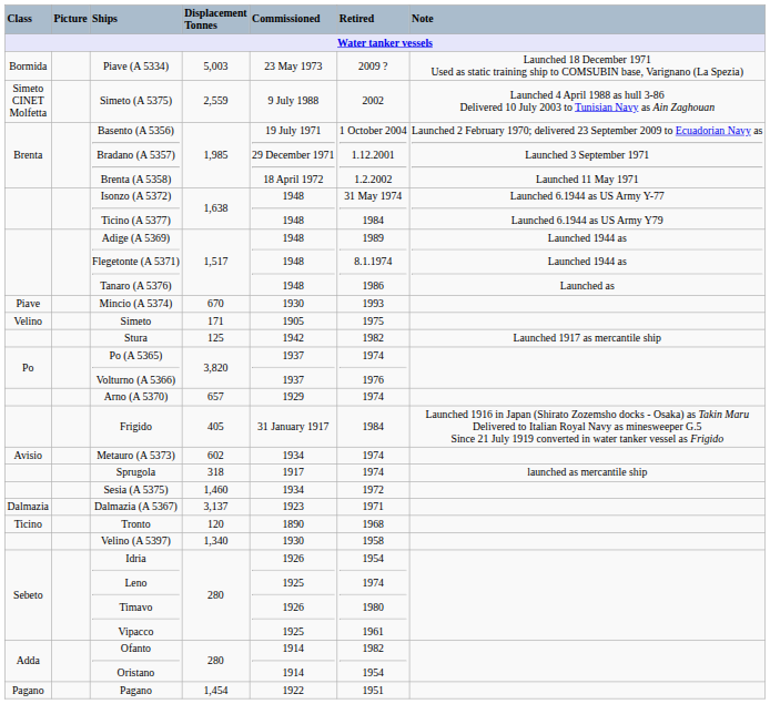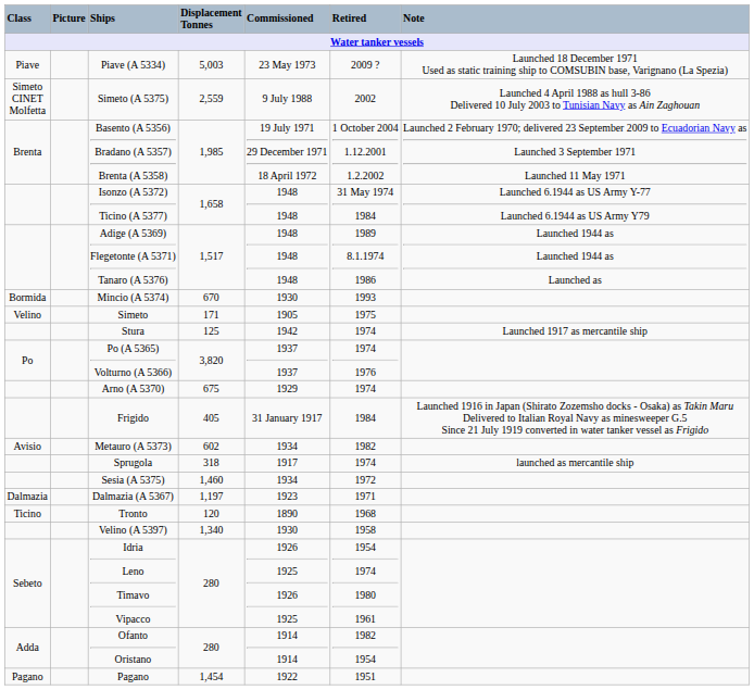 <table class="wikitable" style="text-align:center;">
 <tr>
 <th style="text-align: left; background: #aabccc;">Class</th>
 <th style="text-align: left; background: #aabccc;">Picture</th>
 <th style="text-align: left; background: #aabccc;">Ships</th>
 <th style="text-align: left; background: #aabccc;">Displacement<br>Tonnes</th>
 <th style="text-align: left; background: #aabccc;">Commissioned</th>
 <th style="text-align: left; background: #aabccc;">Retired</th>
 <th style="text-align: left; background: #aabccc;">Note</th>
 </tr>
 <tr>
 <th style="align: center; background: lavender;" colspan="9"><strong><a href='#'>Water tanker vessels</a></strong></th>
 </tr>
 <tr>
-<td>Bormida<br></td>
+<td>Piave<br></td>
 <td></td>
 <td>Piave (A 5334) </td>
 <td>5,003</td>
 <td>23 May 1973</td>
 <td>2009 ?</td>
 <td>Launched 18 December 1971<br>Used as static training ship to COMSUBIN base, Varignano (La Spezia) </td>
 </tr>
 <tr>
 <td>Simeto<br>CINET<br>Molfetta<br></td>
 <td></td>
 <td>Simeto (A 5375) </td>
 <td>2,559</td>
 <td>9 July 1988</td>
 <td>2002</td>
 <td>Launched 4 April 1988 as hull 3-86<br>Delivered 10 July 2003 to <a href='#'>Tunisian Navy</a> as <em>Ain Zaghouan</em></td>
 </tr>
 <tr>
 <td>Brenta <br></td>
 <td></td>
 <td>Basento (A 5356) <hr>Bradano (A 5357) <hr>Brenta (A 5358) </td>
 <td>1,985</td>
 <td>19 July 1971<hr>29 December 1971<hr>18 April 1972</td>
 <td>1 October 2004<hr>1.12.2001<hr>1.2.2002</td>
 <td>Launched 2 February 1970; delivered 23 September 2009 to <a href='#'>Ecuadorian Navy</a> as <hr>Launched 3 September 1971<hr>Launched 11 May 1971</td>
 </tr>
 <tr>
 <td><br></td>
 <td></td>
 <td>Isonzo (A 5372) <hr>Ticino (A 5377)</td>
-<td>1,638</td>
+<td>1,658</td>
 <td>1948<hr>1948</td>
 <td>31 May 1974<hr>1984</td>
 <td>Launched 6.1944 as US Army Y-77<hr>Launched 6.1944 as US Army Y79</td>
 </tr>
 <tr>
 <td><br></td>
 <td></td>
 <td>Adige (A 5369) <hr>Flegetonte (A 5371) <hr>Tanaro (A 5376)</td>
 <td>1,517</td>
 <td>1948<hr>1948<hr>1948</td>
 <td>1989<hr>8.1.1974<hr>1986</td>
 <td>Launched 1944 as <hr>Launched 1944 as <hr>Launched as </td>
 </tr>
 <tr>
-<td>Piave<br></td>
+<td>Bormida<br></td>
 <td></td>
 <td>Mincio (A 5374)</td>
 <td>670</td>
 <td>1930</td>
 <td>1993</td>
 <td></td>
 </tr>
 <tr>
 <td>Velino<br></td>
 <td></td>
 <td>Simeto</td>
 <td>171</td>
 <td>1905</td>
 <td>1975</td>
 <td></td>
 </tr>
 <tr>
 <td></td>
 <td></td>
 <td>Stura</td>
 <td>125</td>
 <td>1942</td>
-<td>1982</td>
+<td>1974</td>
 <td>Launched 1917 as mercantile ship</td>
 </tr>
 <tr>
 <td>Po <br></td>
 <td></td>
 <td>Po (A 5365) <hr>Volturno (A 5366) </td>
 <td>3,820</td>
 <td>1937<hr>1937</td>
 <td>1974<hr>1976</td>
 <td></td>
 </tr>
 <tr>
 <td></td>
 <td></td>
 <td>Arno (A 5370) </td>
-<td>657</td>
+<td>675</td>
 <td>1929</td>
 <td>1974</td>
 <td></td>
 </tr>
 <tr>
 <td></td>
 <td></td>
 <td>Frigido </td>
 <td>405</td>
 <td>31 January 1917</td>
 <td>1984</td>
 <td>Launched 1916 in Japan (Shirato Zozemsho docks - Osaka) as <em>Takin Maru</em><br>Delivered to Italian Royal Navy as minesweeper G.5<br>Since 21 July 1919 converted in water tanker vessel as <em>Frigido</em></td>
 </tr>
 <tr>
 <td>Avisio<br></td>
 <td></td>
 <td>Metauro (A 5373) </td>
 <td>602</td>
 <td>1934</td>
-<td>1974</td>
+<td>1982</td>
 <td></td>
 </tr>
 <tr>
 <td></td>
 <td></td>
 <td>Sprugola</td>
 <td>318</td>
 <td>1917</td>
 <td>1974</td>
 <td>launched as mercantile ship</td>
 </tr>
 <tr>
 <td></td>
 <td></td>
 <td>Sesia (A 5375)</td>
 <td>1,460</td>
 <td>1934</td>
 <td>1972</td>
 <td></td>
 </tr>
 <tr>
 <td>Dalmazia <br></td>
 <td></td>
 <td>Dalmazia (A 5367) </td>
-<td>3,137</td>
+<td>1,197</td>
 <td>1923</td>
 <td>1971</td>
 <td></td>
 </tr>
 <tr>
 <td>Ticino<br></td>
 <td></td>
 <td>Tronto</td>
 <td>120</td>
 <td>1890</td>
 <td>1968</td>
 <td></td>
 </tr>
 <tr>
 <td></td>
 <td></td>
 <td>Velino (A 5397)</td>
 <td>1,340</td>
 <td>1930</td>
 <td>1958</td>
 <td></td>
 </tr>
 <tr>
 <td>Sebeto <br></td>
 <td></td>
 <td>Idria<hr>Leno<hr>Timavo<hr>Vipacco</td>
 <td>280</td>
 <td>1926<hr>1925<hr>1926<hr>1925</td>
 <td>1954<hr>1974<hr>1980<hr>1961</td>
 <td></td>
 </tr>
 <tr>
 <td>Adda <br></td>
 <td></td>
 <td>Ofanto <hr>Oristano</td>
 <td>280</td>
 <td>1914<hr>1914</td>
 <td>1982<hr>1954</td>
 <td></td>
 </tr>
 <tr>
 <td>Pagano<br></td>
 <td></td>
 <td>Pagano</td>
 <td>1,454</td>
 <td>1922</td>
 <td>1951</td>
 <td></td>
 </tr>
 </table>
